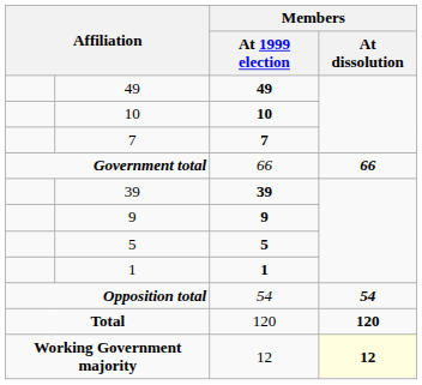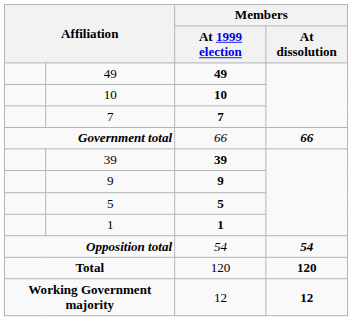 <table class="wikitable" border="1" style="font-size:95%; width:300pt; text-align:center">
 <tr>
 <th colspan="2" rowspan="2" style="text-align:center;vertical-align:middle; ">Affiliation</th>
 <th colspan="2" style="vertical-align:top;">Members</th>
 </tr>
 <tr>
 <th>At <a href='#'>1999 election</a></th>
 <th>At dissolution</th>
 </tr>
 <tr>
 <td></td>
 <td>49</td>
 <td><strong>49</strong></td>
 </tr>
 <tr>
 <td></td>
 <td>10</td>
 <td><strong>10</strong></td>
 </tr>
 <tr>
 <td> </td>
 <td>7</td>
 <td><strong>7</strong></td>
 </tr>
 <tr>
 <td colspan="2" rowspan="1" style="text-align:right; "><strong><em>Government total</em></strong></td>
 <td><em>66</em></td>
 <td><strong><em>66</em></strong></td>
 </tr>
 <tr>
 <td></td>
 <td>39</td>
 <td><strong>39</strong></td>
 </tr>
 <tr>
 <td></td>
 <td>9</td>
 <td><strong>9</strong></td>
 </tr>
 <tr>
 <td></td>
 <td>5</td>
 <td><strong>5</strong></td>
 </tr>
 <tr>
 <td></td>
 <td>1</td>
 <td><strong>1</strong></td>
 </tr>
 <tr>
 <td colspan="2" rowspan="1" style="text-align:right; "><strong><em>Opposition total</em></strong></td>
 <td><em>54</em></td>
 <td><strong><em>54</em></strong></td>
 </tr>
 <tr>
 <td colspan="2" rowspan="1"><strong>Total</strong><br></td>
 <td>120</td>
 <td><strong>120</strong></td>
 </tr>
 <tr>
 <td colspan="2" rowspan="1"><strong>Working Government majority</strong></td>
 <td>12</td>
-<td style="background: lightyellow;"><strong>12</strong></td>
+<td><strong>12</strong></td>
 </tr>
 </table>
